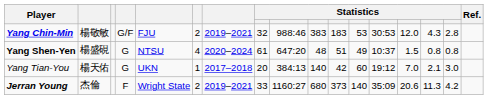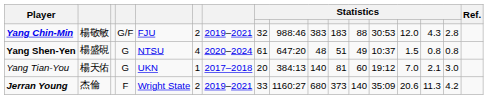 <table class="wikitable sortable" style="font-size:95%; text-align:right;">
 <tr>
 <th rowspan="2">Player</th>
 <th rowspan="2"></th>
 <th rowspan="2"></th>
 <th rowspan="2"></th>
 <th rowspan="2"></th>
 <th rowspan="2"></th>
 <th rowspan="2"></th>
 <th colspan="9">Statistics</th>
 <th rowspan="2">Ref.</th>
 </tr>
 <tr>
 <th></th>
 <th></th>
 <th></th>
 <th></th>
 <th></th>
 <th></th>
 <th></th>
 <th></th>
 <th></th>
 </tr>
 <tr>
 <td align="left"><strong><em><a href='#'>Yang Chin-Min</a></em></strong></td>
 <td align="left">楊敬敏</td>
 <td align="center"></td>
 <td align="center">G/F</td>
 <td align="left"><a href='#'>FJU</a></td>
 <td align="center">2</td>
 <td align="center"><a href='#'>2019</a>–<a href='#'>2021</a></td>
 <td>32</td>
 <td>988:46</td>
 <td>383</td>
 <td>183</td>
-<td>53</td>
+<td>88</td>
 <td>30:53</td>
 <td>12.0</td>
 <td>4.3</td>
 <td>2.8</td>
 <td align="center"></td>
 </tr>
 <tr>
 <td align="left"><strong>Yang Shen-Yen</strong></td>
 <td align="left">楊盛硯</td>
 <td align="center"></td>
 <td align="center">G</td>
 <td align="left"><a href='#'>NTSU</a></td>
 <td align="center">4</td>
 <td align="center"><a href='#'>2020</a>–<a href='#'>2024</a></td>
 <td>61</td>
 <td>647:20</td>
 <td>48</td>
 <td>51</td>
 <td>49</td>
 <td>10:37</td>
 <td>1.5</td>
 <td>0.8</td>
 <td>0.8</td>
 <td align="center"></td>
 </tr>
 <tr>
 <td align="left"><em>Yang Tian-You</em></td>
 <td align="left">楊天佑</td>
 <td align="center"></td>
 <td align="center">G</td>
 <td align="left"><a href='#'>UKN</a></td>
 <td align="center">1</td>
 <td align="center"><a href='#'>2017–2018</a></td>
 <td>20</td>
 <td>384:13</td>
 <td>140</td>
-<td>42</td>
+<td>81</td>
 <td>60</td>
 <td>19:12</td>
 <td>7.0</td>
 <td>2.1</td>
 <td>3.0</td>
 <td align="center"></td>
 </tr>
 <tr>
 <td align="left"><strong><em>Jerran Young</em></strong></td>
 <td align="left">杰倫</td>
 <td align="center"></td>
 <td align="center">F</td>
 <td align="left"><a href='#'>Wright State</a></td>
 <td align="center">2</td>
 <td align="center"><a href='#'>2019</a>–<a href='#'>2021</a></td>
 <td>33</td>
 <td>1160:27</td>
 <td>680</td>
 <td>373</td>
 <td>140</td>
 <td>35:09</td>
 <td>20.6</td>
 <td>11.3</td>
 <td>4.2</td>
 <td align="center"></td>
 </tr>
 </table>
